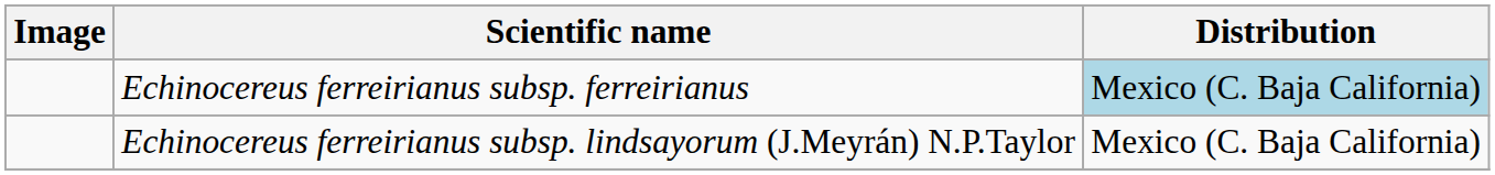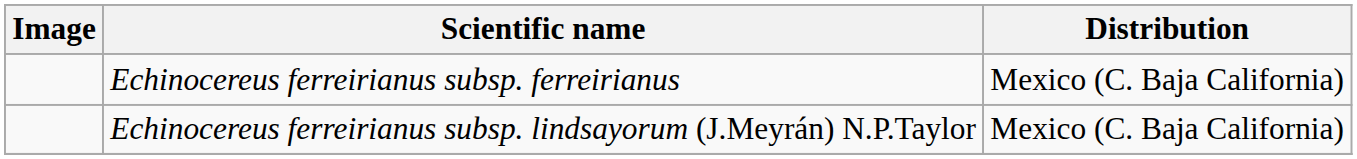 <table class="wikitable">
 <tr>
 <th>Image</th>
 <th>Scientific name</th>
 <th>Distribution</th>
 </tr>
 <tr>
 <td></td>
 <td><em>Echinocereus ferreirianus subsp. ferreirianus</em></td>
-<td style="background: lightblue;">Mexico (C. Baja California)</td>
+<td>Mexico (C. Baja California)</td>
 </tr>
 <tr>
 <td></td>
 <td><em>Echinocereus ferreirianus subsp. lindsayorum</em> (J.Meyrán) N.P.Taylor</td>
 <td>Mexico (C. Baja California)</td>
 </tr>
 <tr>
 </tr>
 </table>
